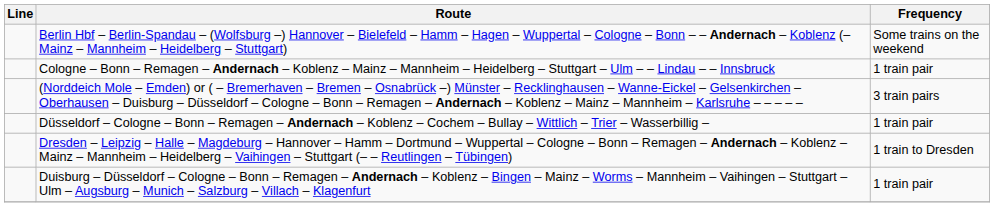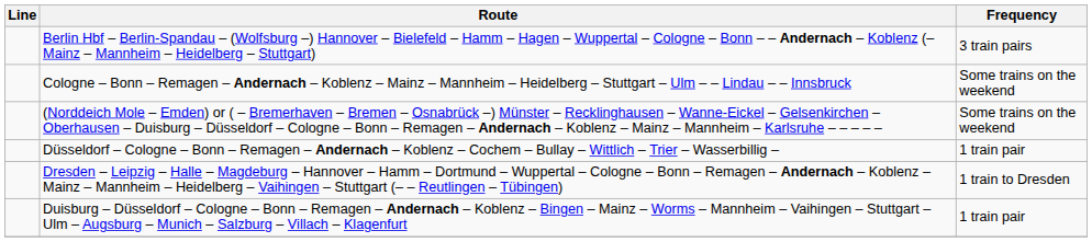 <table class="wikitable">
 <tr class="hintergrundfarbe6">
 <th>Line</th>
 <th>Route</th>
 <th>Frequency</th>
 </tr>
 <tr>
 <td></td>
 <td> <a href='#'>Berlin Hbf</a> – <a href='#'>Berlin-Spandau</a> – (<a href='#'>Wolfsburg</a> –) <a href='#'>Hannover</a> – <a href='#'>Bielefeld</a> – <a href='#'>Hamm</a> – <a href='#'>Hagen</a> – <a href='#'>Wuppertal</a> – <a href='#'>Cologne</a> – <a href='#'>Bonn</a> –  – <strong>Andernach</strong> – <a href='#'>Koblenz</a> (– <a href='#'>Mainz</a> – <a href='#'>Mannheim</a> – <a href='#'>Heidelberg</a> – <a href='#'>Stuttgart</a>)</td>
+<td>3 train pairs</td>
+</tr>
+<tr>
+<td></td>
+<td>Cologne – Bonn – Remagen – <strong>Andernach</strong> – Koblenz – Mainz – Mannheim – Heidelberg – Stuttgart – <a href='#'>Ulm</a> –  – <a href='#'>Lindau</a> –  –  <a href='#'>Innsbruck</a></td>
 <td>Some trains on the weekend</td>
 </tr>
 <tr>
 <td></td>
-<td>Cologne – Bonn – Remagen – <strong>Andernach</strong> – Koblenz – Mainz – Mannheim – Heidelberg – Stuttgart – <a href='#'>Ulm</a> –  – <a href='#'>Lindau</a> –  –  <a href='#'>Innsbruck</a></td>
-<td>1 train pair</td>
-</tr>
-<tr>
-<td></td>
 <td>(<a href='#'>Norddeich Mole</a> – <a href='#'>Emden</a>) or ( – <a href='#'>Bremerhaven</a> – <a href='#'>Bremen</a> – <a href='#'>Osnabrück</a> –) <a href='#'>Münster</a> – <a href='#'>Recklinghausen</a> – <a href='#'>Wanne-Eickel</a> – <a href='#'>Gelsenkirchen</a> – <a href='#'>Oberhausen</a> – Duisburg – Düsseldorf – Cologne – Bonn – Remagen – <strong>Andernach</strong> – Koblenz – Mainz – Mannheim – <a href='#'>Karlsruhe</a> –  –  –  –  – </td>
-<td>3 train pairs</td>
+<td>Some trains on the weekend</td>
 </tr>
 <tr>
 <td></td>
 <td>Düsseldorf – Cologne – Bonn – Remagen – <strong>Andernach</strong> – Koblenz – Cochem – Bullay – <a href='#'>Wittlich</a> – <a href='#'>Trier</a> – Wasserbillig – </td>
 <td>1 train pair</td>
 </tr>
 <tr>
 <td></td>
 <td><a href='#'>Dresden</a> – <a href='#'>Leipzig</a> – <a href='#'>Halle</a> – <a href='#'>Magdeburg</a> – Hannover – Hamm – Dortmund – Wuppertal – Cologne – Bonn – Remagen – <strong>Andernach</strong> – Koblenz – Mainz – Mannheim – Heidelberg – <a href='#'>Vaihingen</a> – Stuttgart (–  – <a href='#'>Reutlingen</a> – <a href='#'>Tübingen</a>)</td>
 <td>1 train to Dresden</td>
 </tr>
 <tr>
 <td></td>
 <td>Duisburg – Düsseldorf – Cologne – Bonn – Remagen – <strong>Andernach</strong> – Koblenz – <a href='#'>Bingen</a> – Mainz – <a href='#'>Worms</a> – Mannheim – Vaihingen – Stuttgart – Ulm – <a href='#'>Augsburg</a> – <a href='#'>Munich</a> – <a href='#'>Salzburg</a> – <a href='#'>Villach</a> – <a href='#'>Klagenfurt</a></td>
 <td>1 train pair</td>
 </tr>
 <tr>
 </tr>
 </table>
